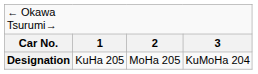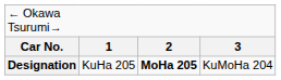 <table class="wikitable">
 <tr>
 <td colspan="4"><div>← Okawa</div><div>Tsurumi→</div></td>
 </tr>
 <tr>
 <th>Car No.</th>
 <th>1</th>
 <th>2</th>
 <th>3</th>
 </tr>
 <tr>
 <th>Designation</th>
 <td>KuHa 205</td>
-<td>MoHa 205</td>
+<td><strong>MoHa 205</strong></td>
 <td>KuMoHa 204</td>
 </tr>
 </table>
